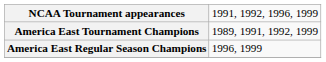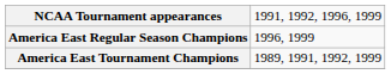 <table class="wikitable">
 <tr>
 <th>NCAA Tournament appearances</th>
 <td>1991, 1992, 1996, 1999</td>
 </tr>
 <tr>
+<th>America East Regular Season Champions</th>
+<td>1996, 1999</td>
+</tr>
+<tr>
 <th>America East Tournament Champions</th>
 <td>1989, 1991, 1992, 1999</td>
 </tr>
 <tr>
-<th>America East Regular Season Champions</th>
-<td>1996, 1999</td>
-</tr>
-<tr>
 </tr>
 </table>
